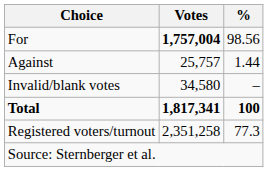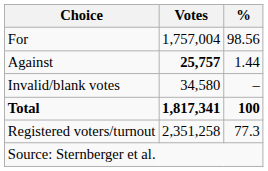 <table class=wikitable style=text-align:right>
 <tr>
 <th>Choice</th>
 <th>Votes</th>
 <th>%</th>
 </tr>
 <tr>
 <td align=left>For</td>
-<td><strong>1,757,004</strong></td>
+<td>1,757,004</td>
 <td>98.56</td>
 </tr>
 <tr>
 <td align=left>Against</td>
-<td>25,757</td>
+<td><strong>25,757</strong></td>
 <td>1.44</td>
 </tr>
 <tr>
 <td align=left>Invalid/blank votes</td>
 <td>34,580</td>
 <td>–</td>
 </tr>
 <tr>
 <td align=left><strong>Total</strong></td>
 <td><strong>1,817,341</strong></td>
 <td><strong>100</strong></td>
 </tr>
 <tr>
 <td align=left>Registered voters/turnout</td>
 <td>2,351,258</td>
 <td>77.3</td>
 </tr>
 <tr>
 <td align=left colspan=4>Source: Sternberger et al.</td>
 </tr>
 </table>
